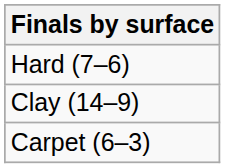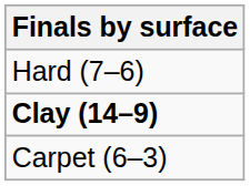 <table class=wikitable style=font-size:90%>
 <tr>
 <th>Finals by surface</th>
 </tr>
 <tr>
 <td>Hard (7–6)</td>
 </tr>
 <tr>
-<td>Clay (14–9)</td>
+<td><strong>Clay (14–9)</strong></td>
 </tr>
 <tr>
 <td>Carpet (6–3)</td>
 </tr>
 </table>
